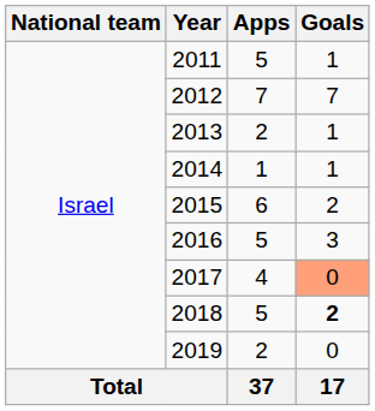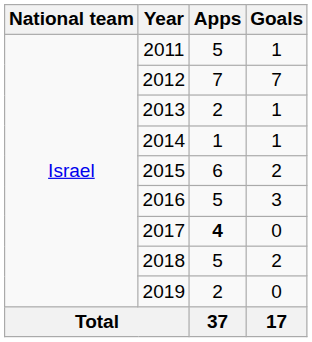 <table class="wikitable" style="text-align:center">
 <tr>
 <th>National team</th>
 <th>Year</th>
 <th>Apps</th>
 <th>Goals</th>
 </tr>
 <tr>
 <td rowspan="9"><a href='#'>Israel</a></td>
 <td>2011</td>
 <td>5</td>
 <td>1</td>
 </tr>
 <tr>
 <td>2012</td>
 <td>7</td>
 <td>7</td>
 </tr>
 <tr>
 <td>2013</td>
 <td>2</td>
 <td>1</td>
 </tr>
 <tr>
 <td>2014</td>
 <td>1</td>
 <td>1</td>
 </tr>
 <tr>
 <td>2015</td>
 <td>6</td>
 <td>2</td>
 </tr>
 <tr>
 <td>2016</td>
 <td>5</td>
 <td>3</td>
 </tr>
 <tr>
 <td>2017</td>
-<td>4</td>
-<td style="background: lightsalmon;">0</td>
+<td><strong>4</strong></td>
+<td>0</td>
 </tr>
 <tr>
 <td>2018</td>
 <td>5</td>
-<td><strong>2</strong></td>
+<td>2</td>
 </tr>
 <tr>
 <td>2019</td>
 <td>2</td>
 <td>0</td>
 </tr>
 <tr>
 <th colspan="2">Total</th>
 <th>37</th>
 <th>17</th>
 </tr>
 </table>
